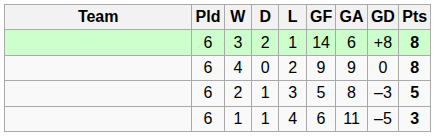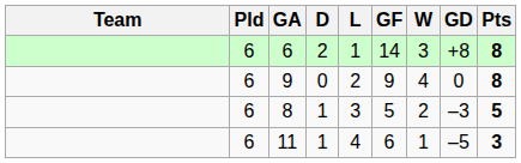 <table class="wikitable" style="text-align:center;">
 <tr>
 <th width=180>Team</th>
 <th width=20>Pld</th>
-<th width=20>W</th>
+<th width=20>GA</th>
 <th width=20>D</th>
 <th width=20>L</th>
 <th width=20>GF</th>
-<th width=20>GA</th>
+<th width=20>W</th>
 <th width=20>GD</th>
 <th width=20>Pts</th>
 </tr>
 <tr bgcolor="ccffcc">
 <td align="left"></td>
 <td>6</td>
-<td>3</td>
+<td>6</td>
 <td>2</td>
 <td>1</td>
 <td>14</td>
-<td>6</td>
+<td>3</td>
 <td>+8</td>
 <td><strong>8</strong></td>
 </tr>
 <tr>
 <td align="left"></td>
 <td>6</td>
-<td>4</td>
+<td>9</td>
 <td>0</td>
 <td>2</td>
 <td>9</td>
-<td>9</td>
+<td>4</td>
 <td>0</td>
 <td><strong>8</strong></td>
 </tr>
 <tr>
 <td align="left"></td>
 <td>6</td>
-<td>2</td>
+<td>8</td>
 <td>1</td>
 <td>3</td>
 <td>5</td>
-<td>8</td>
+<td>2</td>
 <td>–3</td>
 <td><strong>5</strong></td>
 </tr>
 <tr>
 <td align="left"></td>
 <td>6</td>
-<td>1</td>
+<td>11</td>
 <td>1</td>
 <td>4</td>
 <td>6</td>
-<td>11</td>
+<td>1</td>
 <td>–5</td>
 <td><strong>3</strong></td>
 </tr>
 </table>
